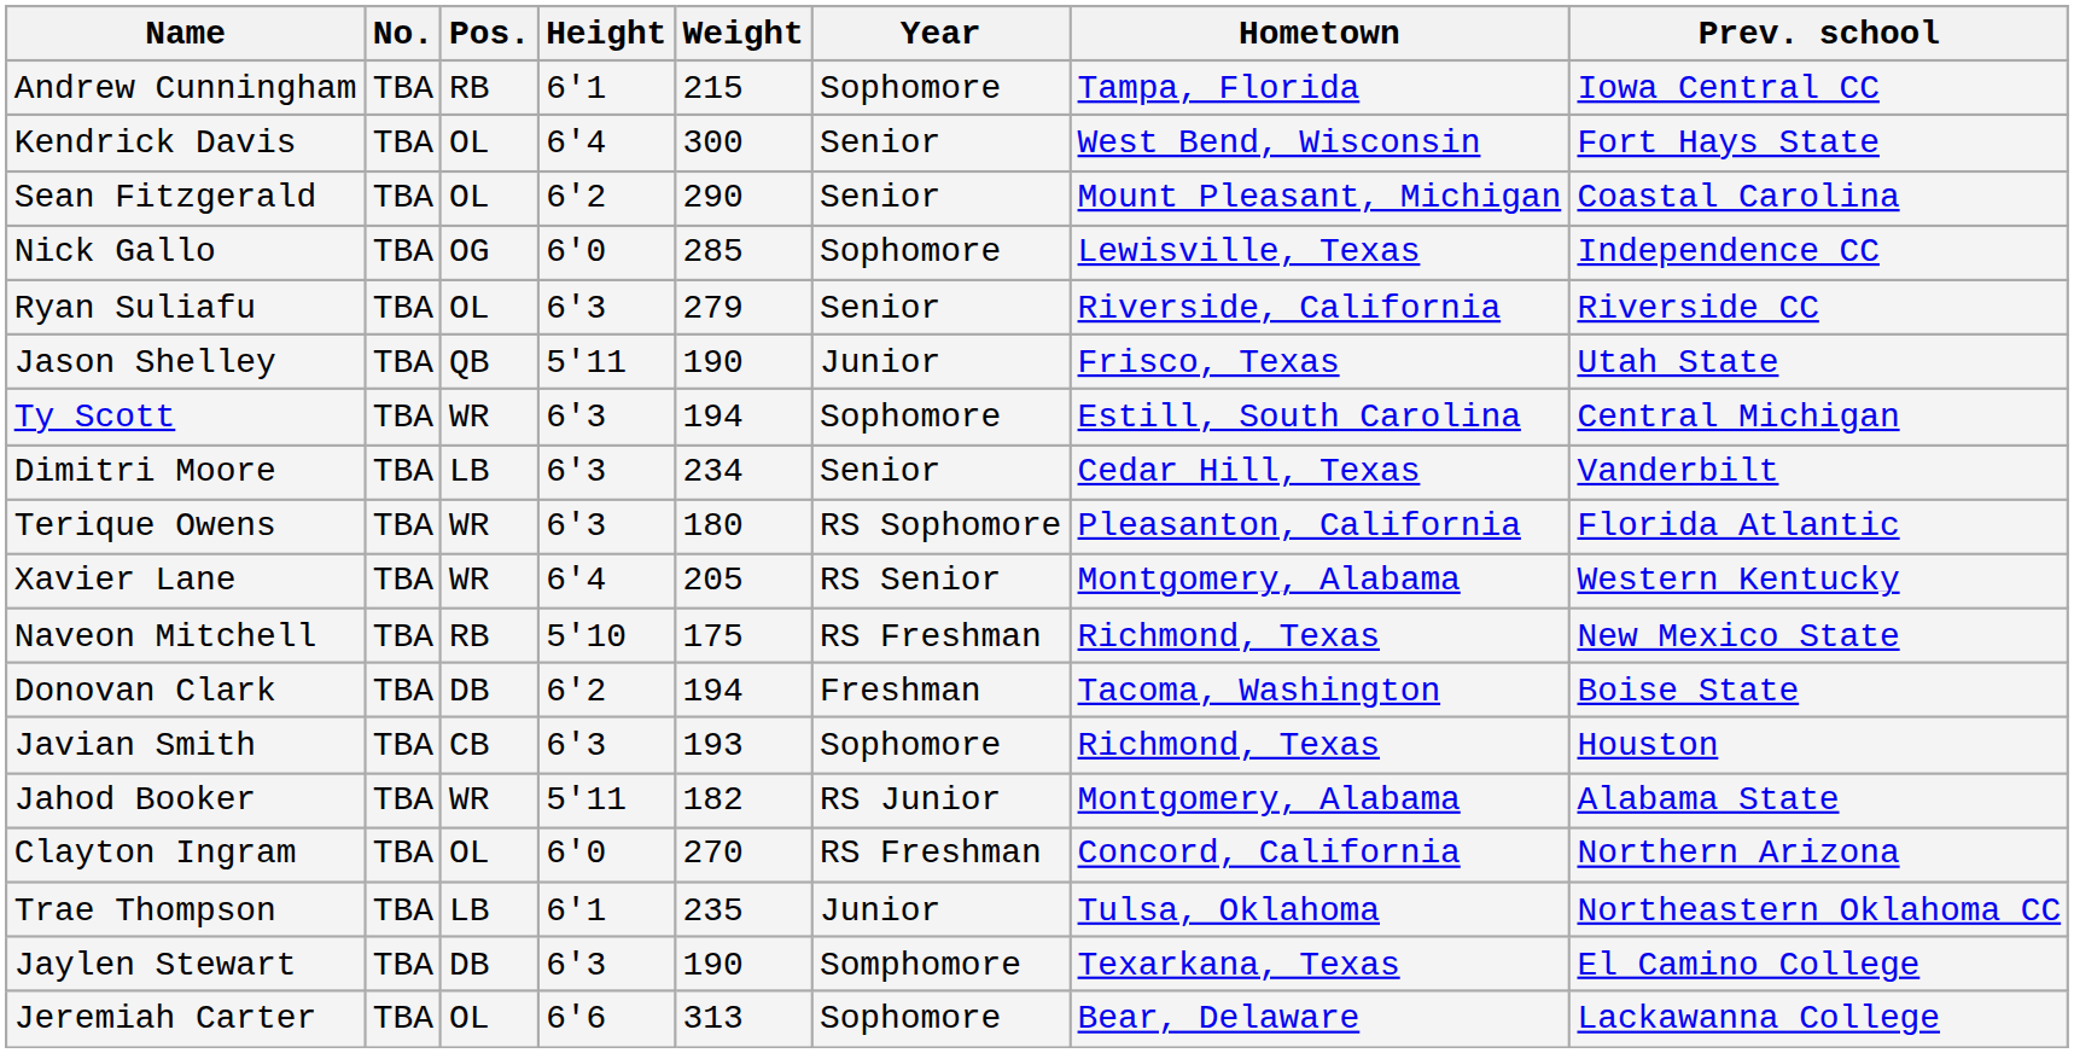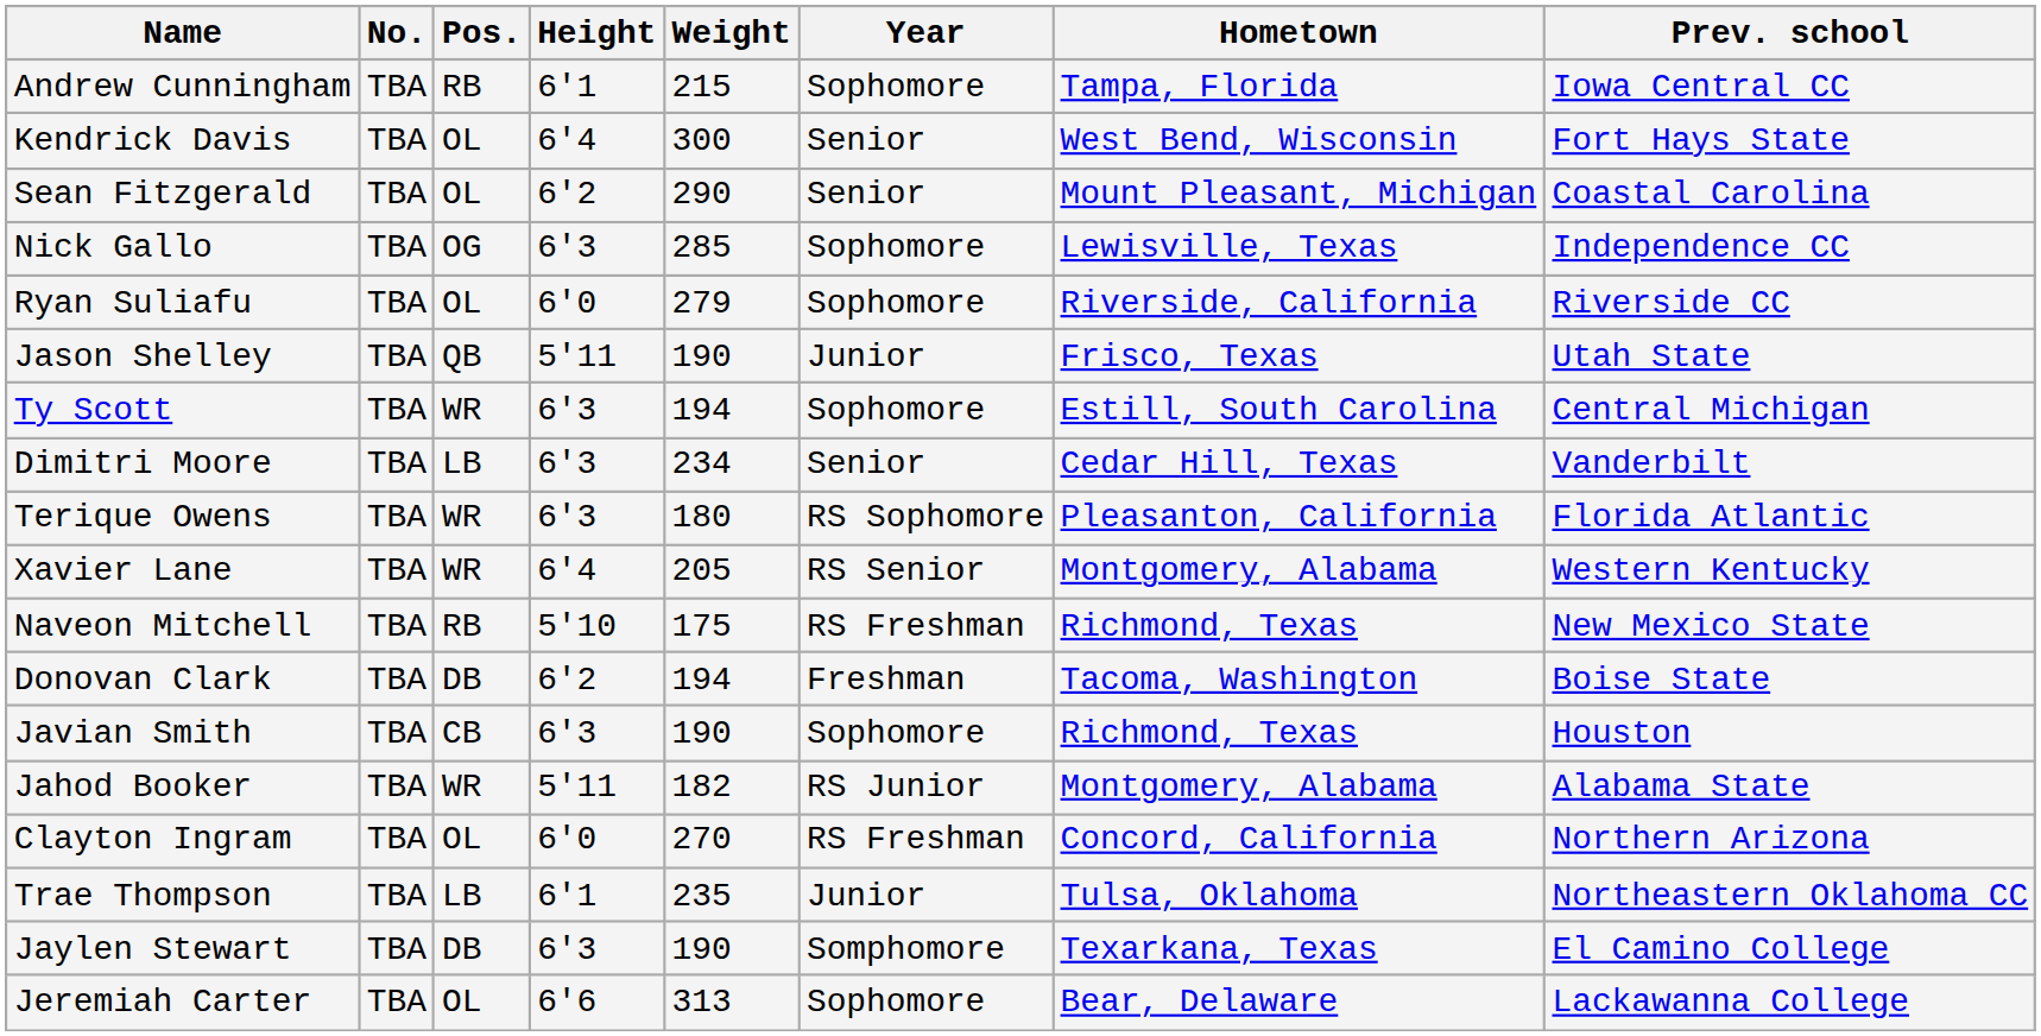 <table class="wikitable sortable">
 <tr>
 <th>Name</th>
 <th>No.</th>
 <th>Pos.</th>
 <th>Height</th>
 <th>Weight</th>
 <th>Year</th>
 <th>Hometown</th>
 <th class="unsortable">Prev. school</th>
 </tr>
 <tr style="background:#F4F4F4;">
 <td>Andrew Cunningham</td>
 <td>TBA</td>
 <td>RB</td>
 <td>6'1</td>
 <td>215</td>
 <td>Sophomore</td>
 <td><a href='#'>Tampa, Florida</a></td>
 <td><a href='#'>Iowa Central CC</a></td>
 </tr>
 <tr style="background:#F4F4F4;">
 <td>Kendrick Davis</td>
 <td>TBA</td>
 <td>OL</td>
 <td>6'4</td>
 <td>300</td>
 <td>Senior</td>
 <td><a href='#'>West Bend, Wisconsin</a></td>
 <td><a href='#'>Fort Hays State</a></td>
 </tr>
 <tr style="background:#F4F4F4;">
 <td>Sean Fitzgerald</td>
 <td>TBA</td>
 <td>OL</td>
 <td>6'2</td>
 <td>290</td>
 <td>Senior</td>
 <td><a href='#'>Mount Pleasant, Michigan</a></td>
 <td><a href='#'>Coastal Carolina</a></td>
 </tr>
 <tr style="background:#F4F4F4;">
 <td>Nick Gallo</td>
 <td>TBA</td>
 <td>OG</td>
-<td>6'0</td>
+<td>6'3</td>
 <td>285</td>
 <td>Sophomore</td>
 <td><a href='#'>Lewisville, Texas</a></td>
 <td><a href='#'>Independence CC</a></td>
 </tr>
 <tr style="background:#F4F4F4;">
 <td>Ryan Suliafu</td>
 <td>TBA</td>
 <td>OL</td>
-<td>6'3</td>
+<td>6'0</td>
 <td>279</td>
-<td>Senior</td>
+<td>Sophomore</td>
 <td><a href='#'>Riverside, California</a></td>
 <td><a href='#'>Riverside CC</a></td>
 </tr>
 <tr style="background:#F4F4F4;">
 <td>Jason Shelley</td>
 <td>TBA</td>
 <td>QB</td>
 <td>5'11</td>
 <td>190</td>
 <td>Junior</td>
 <td><a href='#'>Frisco, Texas</a></td>
 <td><a href='#'>Utah State</a></td>
 </tr>
 <tr style="background:#F4F4F4;">
 <td><a href='#'>Ty Scott</a></td>
 <td>TBA</td>
 <td>WR</td>
 <td>6'3</td>
 <td>194</td>
 <td>Sophomore</td>
 <td><a href='#'>Estill, South Carolina</a></td>
 <td><a href='#'>Central Michigan</a></td>
 </tr>
 <tr style="background:#F4F4F4;">
 <td>Dimitri Moore</td>
 <td>TBA</td>
 <td>LB</td>
 <td>6'3</td>
 <td>234</td>
 <td>Senior</td>
 <td><a href='#'>Cedar Hill, Texas</a></td>
 <td><a href='#'>Vanderbilt</a></td>
 </tr>
 <tr style="background:#F4F4F4;">
 <td>Terique Owens</td>
 <td>TBA</td>
 <td>WR</td>
 <td>6'3</td>
 <td>180</td>
 <td>RS Sophomore</td>
 <td><a href='#'>Pleasanton, California</a></td>
 <td><a href='#'>Florida Atlantic</a></td>
 </tr>
 <tr style="background:#F4F4F4;">
 <td>Xavier Lane</td>
 <td>TBA</td>
 <td>WR</td>
 <td>6'4</td>
 <td>205</td>
 <td>RS Senior</td>
 <td><a href='#'>Montgomery, Alabama</a></td>
 <td><a href='#'>Western Kentucky</a></td>
 </tr>
 <tr style="background:#F4F4F4;">
 <td>Naveon Mitchell</td>
 <td>TBA</td>
 <td>RB</td>
 <td>5'10</td>
 <td>175</td>
 <td>RS Freshman</td>
 <td><a href='#'>Richmond, Texas</a></td>
 <td><a href='#'>New Mexico State</a></td>
 </tr>
 <tr style="background:#F4F4F4;">
 <td>Donovan Clark</td>
 <td>TBA</td>
 <td>DB</td>
 <td>6'2</td>
 <td>194</td>
 <td>Freshman</td>
 <td><a href='#'>Tacoma, Washington</a></td>
 <td><a href='#'>Boise State</a></td>
 </tr>
 <tr style="background:#F4F4F4;">
 <td>Javian Smith</td>
 <td>TBA</td>
 <td>CB</td>
 <td>6'3</td>
-<td>193</td>
+<td>190</td>
 <td>Sophomore</td>
 <td><a href='#'>Richmond, Texas</a></td>
 <td><a href='#'>Houston</a></td>
 </tr>
 <tr style="background:#F4F4F4;">
 <td>Jahod Booker</td>
 <td>TBA</td>
 <td>WR</td>
 <td>5'11</td>
 <td>182</td>
 <td>RS Junior</td>
 <td><a href='#'>Montgomery, Alabama</a></td>
 <td><a href='#'>Alabama State</a></td>
 </tr>
 <tr style="background:#F4F4F4;">
 <td>Clayton Ingram</td>
 <td>TBA</td>
 <td>OL</td>
 <td>6'0</td>
 <td>270</td>
 <td>RS Freshman</td>
 <td><a href='#'>Concord, California</a></td>
 <td><a href='#'>Northern Arizona</a></td>
 </tr>
 <tr style="background:#F4F4F4;">
 <td>Trae Thompson</td>
 <td>TBA</td>
 <td>LB</td>
 <td>6'1</td>
 <td>235</td>
 <td>Junior</td>
 <td><a href='#'>Tulsa, Oklahoma</a></td>
 <td><a href='#'>Northeastern Oklahoma CC</a></td>
 </tr>
 <tr style="background:#F4F4F4;">
 <td>Jaylen Stewart</td>
 <td>TBA</td>
 <td>DB</td>
 <td>6'3</td>
 <td>190</td>
 <td>Somphomore</td>
 <td><a href='#'>Texarkana, Texas</a></td>
 <td><a href='#'>El Camino College</a></td>
 </tr>
 <tr style="background:#F4F4F4;">
 <td>Jeremiah Carter</td>
 <td>TBA</td>
 <td>OL</td>
 <td>6'6</td>
 <td>313</td>
 <td>Sophomore</td>
 <td><a href='#'>Bear, Delaware</a></td>
 <td><a href='#'>Lackawanna College</a></td>
 </tr>
 </table>
